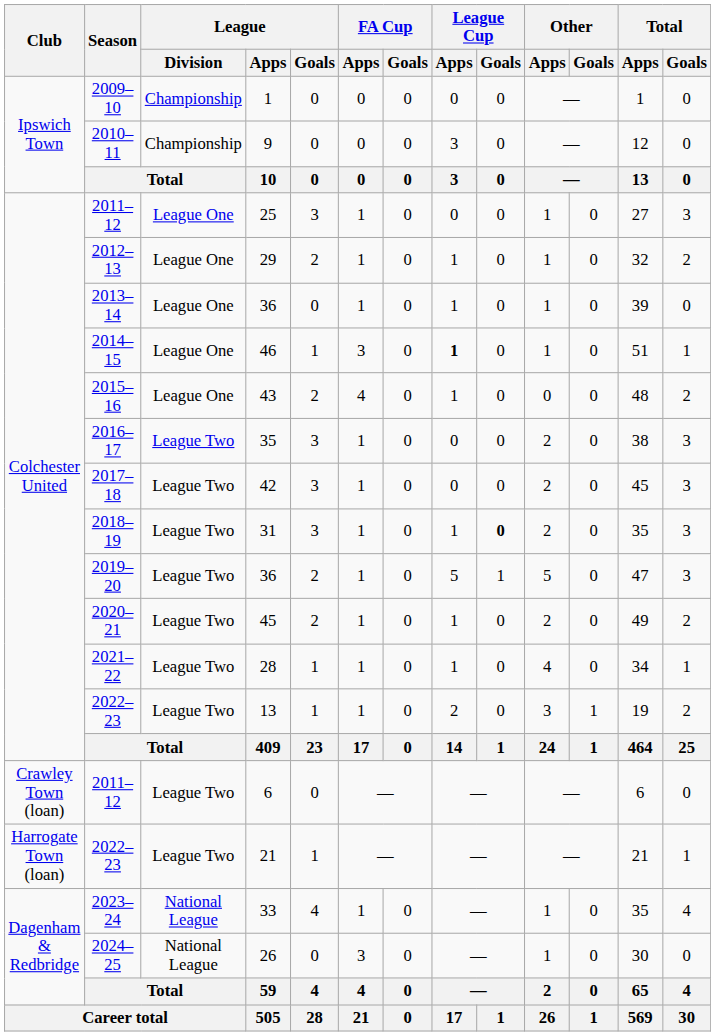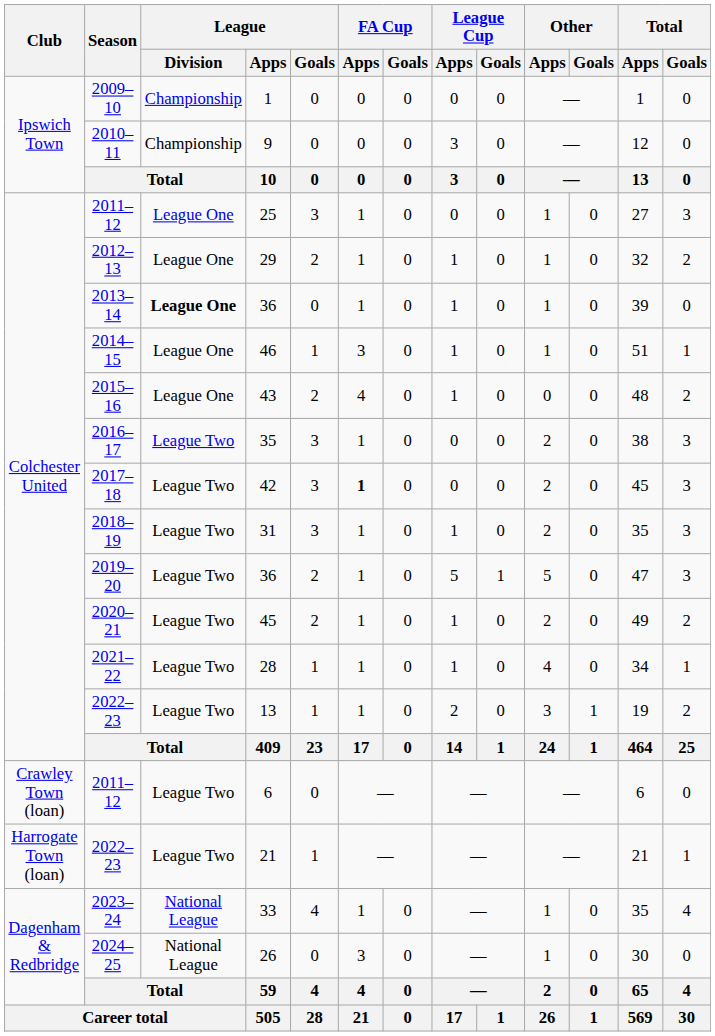 <table class=wikitable style=text-align:center>
 <tr>
 <th rowspan=2>Club</th>
 <th rowspan=2>Season</th>
 <th colspan=3>League</th>
 <th colspan=2><a href='#'>FA Cup</a></th>
 <th colspan=2><a href='#'>League Cup</a></th>
 <th colspan=2>Other</th>
 <th colspan=2>Total</th>
 </tr>
 <tr>
 <th>Division</th>
 <th>Apps</th>
 <th>Goals</th>
 <th>Apps</th>
 <th>Goals</th>
 <th>Apps</th>
 <th>Goals</th>
 <th>Apps</th>
 <th>Goals</th>
 <th>Apps</th>
 <th>Goals</th>
 </tr>
 <tr>
 <td rowspan=3><a href='#'>Ipswich Town</a></td>
 <td><a href='#'>2009–10</a></td>
 <td><a href='#'>Championship</a></td>
 <td>1</td>
 <td>0</td>
 <td>0</td>
 <td>0</td>
 <td>0</td>
 <td>0</td>
 <td colspan=2>—</td>
 <td>1</td>
 <td>0</td>
 </tr>
 <tr>
 <td><a href='#'>2010–11</a></td>
 <td>Championship</td>
 <td>9</td>
 <td>0</td>
 <td>0</td>
 <td>0</td>
 <td>3</td>
 <td>0</td>
 <td colspan=2>—</td>
 <td>12</td>
 <td>0</td>
 </tr>
 <tr>
 <th colspan=2>Total</th>
 <th>10</th>
 <th>0</th>
 <th>0</th>
 <th>0</th>
 <th>3</th>
 <th>0</th>
 <th colspan=2>—</th>
 <th>13</th>
 <th>0</th>
 </tr>
 <tr>
 <td rowspan=13><a href='#'>Colchester United</a></td>
 <td><a href='#'>2011–12</a></td>
 <td><a href='#'>League One</a></td>
 <td>25</td>
 <td>3</td>
 <td>1</td>
 <td>0</td>
 <td>0</td>
 <td>0</td>
 <td>1</td>
 <td>0</td>
 <td>27</td>
 <td>3</td>
 </tr>
 <tr>
 <td><a href='#'>2012–13</a></td>
 <td>League One</td>
 <td>29</td>
 <td>2</td>
 <td>1</td>
 <td>0</td>
 <td>1</td>
 <td>0</td>
 <td>1</td>
 <td>0</td>
 <td>32</td>
 <td>2</td>
 </tr>
 <tr>
 <td><a href='#'>2013–14</a></td>
-<td>League One</td>
+<td><strong>League One</strong></td>
 <td>36</td>
 <td>0</td>
 <td>1</td>
 <td>0</td>
 <td>1</td>
 <td>0</td>
 <td>1</td>
 <td>0</td>
 <td>39</td>
 <td>0</td>
 </tr>
 <tr>
 <td><a href='#'>2014–15</a></td>
 <td>League One</td>
 <td>46</td>
 <td>1</td>
 <td>3</td>
 <td>0</td>
-<td><strong>1</strong></td>
+<td>1</td>
 <td>0</td>
 <td>1</td>
 <td>0</td>
 <td>51</td>
 <td>1</td>
 </tr>
 <tr>
 <td><a href='#'>2015–16</a></td>
 <td>League One</td>
 <td>43</td>
 <td>2</td>
 <td>4</td>
 <td>0</td>
 <td>1</td>
 <td>0</td>
 <td>0</td>
 <td>0</td>
 <td>48</td>
 <td>2</td>
 </tr>
 <tr>
 <td><a href='#'>2016–17</a></td>
 <td><a href='#'>League Two</a></td>
 <td>35</td>
 <td>3</td>
 <td>1</td>
 <td>0</td>
 <td>0</td>
 <td>0</td>
 <td>2</td>
 <td>0</td>
 <td>38</td>
 <td>3</td>
 </tr>
 <tr>
 <td><a href='#'>2017–18</a></td>
 <td>League Two</td>
 <td>42</td>
 <td>3</td>
-<td>1</td>
+<td><strong>1</strong></td>
 <td>0</td>
 <td>0</td>
 <td>0</td>
 <td>2</td>
 <td>0</td>
 <td>45</td>
 <td>3</td>
 </tr>
 <tr>
 <td><a href='#'>2018–19</a></td>
 <td>League Two</td>
 <td>31</td>
 <td>3</td>
 <td>1</td>
 <td>0</td>
 <td>1</td>
-<td><strong>0</strong></td>
+<td>0</td>
 <td>2</td>
 <td>0</td>
 <td>35</td>
 <td>3</td>
 </tr>
 <tr>
 <td><a href='#'>2019–20</a></td>
 <td>League Two</td>
 <td>36</td>
 <td>2</td>
 <td>1</td>
 <td>0</td>
 <td>5</td>
 <td>1</td>
 <td>5</td>
 <td>0</td>
 <td>47</td>
 <td>3</td>
 </tr>
 <tr>
 <td><a href='#'>2020–21</a></td>
 <td>League Two</td>
 <td>45</td>
 <td>2</td>
 <td>1</td>
 <td>0</td>
 <td>1</td>
 <td>0</td>
 <td>2</td>
 <td>0</td>
 <td>49</td>
 <td>2</td>
 </tr>
 <tr>
 <td><a href='#'>2021–22</a></td>
 <td>League Two</td>
 <td>28</td>
 <td>1</td>
 <td>1</td>
 <td>0</td>
 <td>1</td>
 <td>0</td>
 <td>4</td>
 <td>0</td>
 <td>34</td>
 <td>1</td>
 </tr>
 <tr>
 <td><a href='#'>2022–23</a></td>
 <td>League Two</td>
 <td>13</td>
 <td>1</td>
 <td>1</td>
 <td>0</td>
 <td>2</td>
 <td>0</td>
 <td>3</td>
 <td>1</td>
 <td>19</td>
 <td>2</td>
 </tr>
 <tr>
 <th colspan=2>Total</th>
 <th>409</th>
 <th>23</th>
 <th>17</th>
 <th>0</th>
 <th>14</th>
 <th>1</th>
 <th>24</th>
 <th>1</th>
 <th>464</th>
 <th>25</th>
 </tr>
 <tr>
 <td><a href='#'>Crawley Town</a> (loan)</td>
 <td><a href='#'>2011–12</a></td>
 <td>League Two</td>
 <td>6</td>
 <td>0</td>
 <td colspan=2>—</td>
 <td colspan=2>—</td>
 <td colspan=2>—</td>
 <td>6</td>
 <td>0</td>
 </tr>
 <tr>
 <td><a href='#'>Harrogate Town</a> (loan)</td>
 <td><a href='#'>2022–23</a></td>
 <td>League Two</td>
 <td>21</td>
 <td>1</td>
 <td colspan=2>—</td>
 <td colspan=2>—</td>
 <td colspan=2>—</td>
 <td>21</td>
 <td>1</td>
 </tr>
 <tr>
 <td rowspan=3><a href='#'>Dagenham & Redbridge</a></td>
 <td><a href='#'>2023–24</a></td>
 <td><a href='#'>National League</a></td>
 <td>33</td>
 <td>4</td>
 <td>1</td>
 <td>0</td>
 <td colspan=2>—</td>
 <td>1</td>
 <td>0</td>
 <td>35</td>
 <td>4</td>
 </tr>
 <tr>
 <td><a href='#'>2024–25</a></td>
 <td>National League</td>
 <td>26</td>
 <td>0</td>
 <td>3</td>
 <td>0</td>
 <td colspan=2>—</td>
 <td>1</td>
 <td>0</td>
 <td>30</td>
 <td>0</td>
 </tr>
 <tr>
 <th colspan=2>Total</th>
 <th>59</th>
 <th>4</th>
 <th>4</th>
 <th>0</th>
 <th colspan=2>—</th>
 <th>2</th>
 <th>0</th>
 <th>65</th>
 <th>4</th>
 </tr>
 <tr>
 <th colspan=3>Career total</th>
 <th>505</th>
 <th>28</th>
 <th>21</th>
 <th>0</th>
 <th>17</th>
 <th>1</th>
 <th>26</th>
 <th>1</th>
 <th>569</th>
 <th>30</th>
 </tr>
 </table>
